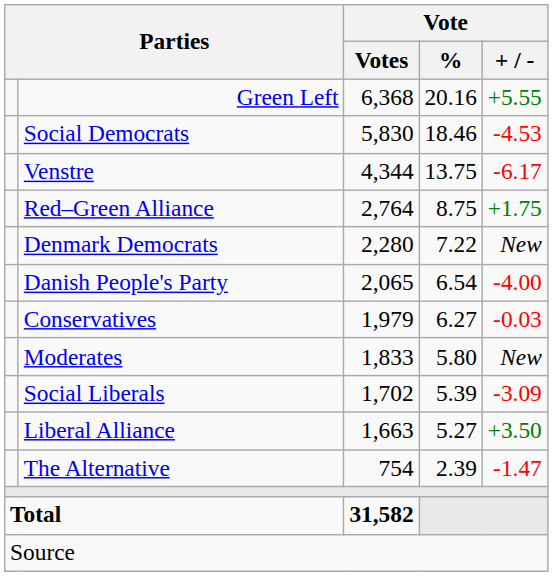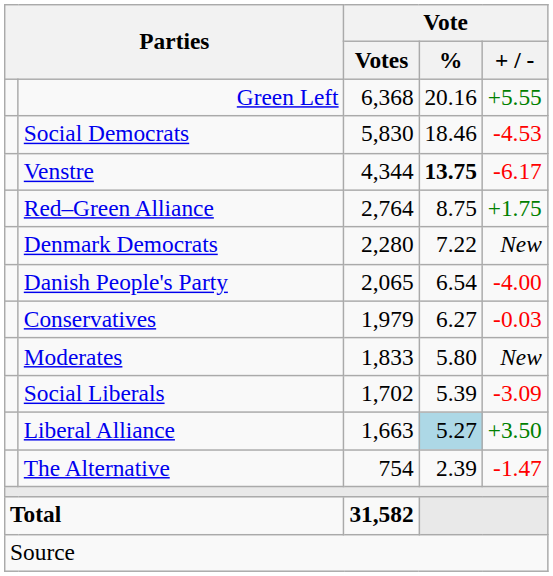 <table class="wikitable" style="text-align:right;">
 <tr>
 <th style="text-align:centre;" rowspan="2" colspan="2" width="225">Parties</th>
 <th colspan="3">Vote</th>
 </tr>
 <tr>
 <th width="15">Votes</th>
 <th width="15">%</th>
 <th width="15">+ / -</th>
 </tr>
 <tr>
 <td width=2 bgcolor=></td>
 <td><a href='#'>Green Left</a></td>
 <td>6,368</td>
 <td>20.16</td>
 <td style=color:green;>+5.55</td>
 </tr>
 <tr>
 <td width=2 bgcolor=></td>
 <td align=left><a href='#'>Social Democrats</a></td>
 <td>5,830</td>
 <td>18.46</td>
 <td style=color:red;>-4.53</td>
 </tr>
 <tr>
 <td width=2 bgcolor=></td>
 <td align=left><a href='#'>Venstre</a></td>
 <td>4,344</td>
-<td>13.75</td>
+<td><strong>13.75</strong></td>
 <td style=color:red;>-6.17</td>
 </tr>
 <tr>
 <td width=2 bgcolor=></td>
 <td align=left><a href='#'>Red–Green Alliance</a></td>
 <td>2,764</td>
 <td>8.75</td>
 <td style=color:green;>+1.75</td>
 </tr>
 <tr>
 <td width=2 bgcolor=></td>
 <td align=left><a href='#'>Denmark Democrats</a></td>
 <td>2,280</td>
 <td>7.22</td>
 <td><em>New</em></td>
 </tr>
 <tr>
 <td width=2 bgcolor=></td>
 <td align=left><a href='#'>Danish People's Party</a></td>
 <td>2,065</td>
 <td>6.54</td>
 <td style=color:red;>-4.00</td>
 </tr>
 <tr>
 <td width=2 bgcolor=></td>
 <td align=left><a href='#'>Conservatives</a></td>
 <td>1,979</td>
 <td>6.27</td>
 <td style=color:red;>-0.03</td>
 </tr>
 <tr>
 <td width=2 bgcolor=></td>
 <td align=left><a href='#'>Moderates</a></td>
 <td>1,833</td>
 <td>5.80</td>
 <td><em>New</em></td>
 </tr>
 <tr>
 <td width=2 bgcolor=></td>
 <td align=left><a href='#'>Social Liberals</a></td>
 <td>1,702</td>
 <td>5.39</td>
 <td style=color:red;>-3.09</td>
 </tr>
 <tr>
 <td width=2 bgcolor=></td>
 <td align=left><a href='#'>Liberal Alliance</a></td>
 <td>1,663</td>
-<td>5.27</td>
+<td style="background: lightblue;">5.27</td>
 <td style=color:green;>+3.50</td>
 </tr>
 <tr>
 <td width=2 bgcolor=></td>
 <td align=left><a href='#'>The Alternative</a></td>
 <td>754</td>
 <td>2.39</td>
 <td style=color:red;>-1.47</td>
 </tr>
 <tr>
 <td colspan="7" bgcolor="#E9E9E9"></td>
 </tr>
 <tr>
 <td align="left" colspan="2"><strong>Total</strong></td>
 <td><strong>31,582</strong></td>
 <td bgcolor=#E9E9E9 colspan=2></td>
 </tr>
 <tr>
 <td align="left" colspan="6">Source</td>
 </tr>
 </table>
